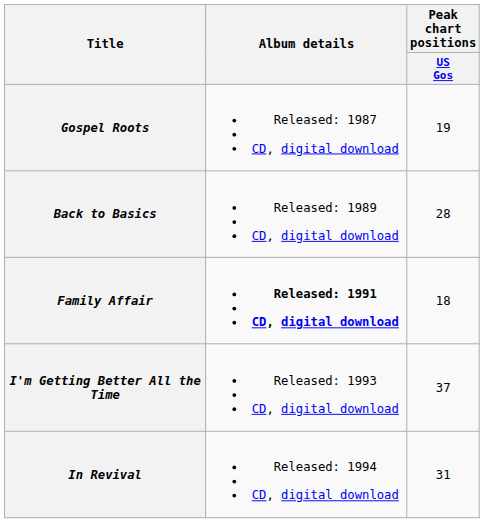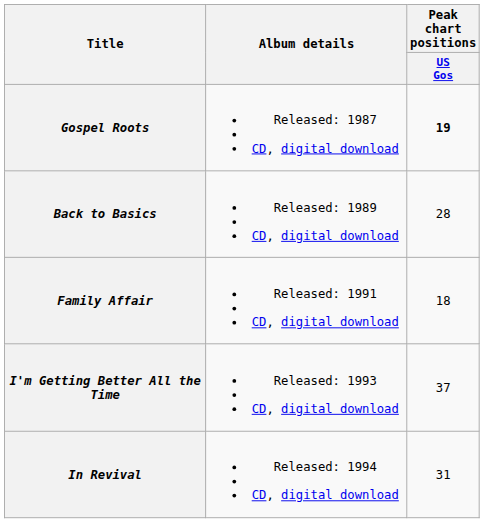 <table class="wikitable plainrowheaders" style="text-align:center;">
 <tr>
 <th scope="col" rowspan="2" style="width:16em;">Title</th>
 <th scope="col" rowspan="2" style="width:16em;">Album details</th>
 <th scope="col" colspan="1">Peak chart positions</th>
 </tr>
 <tr>
 <th style="width:3em; font-size:90%"><a href='#'>US<br>Gos</a></th>
 </tr>
 <tr>
 <th scope="row"><em>Gospel Roots</em></th>
 <td><br><ul><li>Released: 1987</li><li></li><li><a href='#'>CD</a>, <a href='#'>digital download</a></li></ul></td>
-<td>19</td>
+<td><strong>19</strong></td>
 </tr>
 <tr>
 <th scope="row"><em>Back to Basics</em></th>
 <td><br><ul><li>Released: 1989</li><li></li><li><a href='#'>CD</a>, <a href='#'>digital download</a></li></ul></td>
 <td>28</td>
 </tr>
 <tr>
 <th scope="row"><em>Family Affair</em></th>
-<td><strong><br><ul><li>Released: 1991</li><li></li><li><a href='#'>CD</a>, <a href='#'>digital download</a></li></ul></strong></td>
+<td><br><ul><li>Released: 1991</li><li></li><li><a href='#'>CD</a>, <a href='#'>digital download</a></li></ul></td>
 <td>18</td>
 </tr>
 <tr>
 <th scope="row"><em>I'm Getting Better All the Time</em></th>
 <td><br><ul><li>Released: 1993</li><li></li><li><a href='#'>CD</a>, <a href='#'>digital download</a></li></ul></td>
 <td>37</td>
 </tr>
 <tr>
 <th scope="row"><em>In Revival</em></th>
 <td><br><ul><li>Released: 1994</li><li></li><li><a href='#'>CD</a>, <a href='#'>digital download</a></li></ul></td>
 <td>31</td>
 </tr>
 </table>
